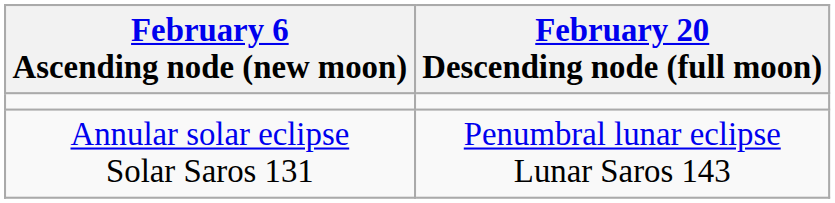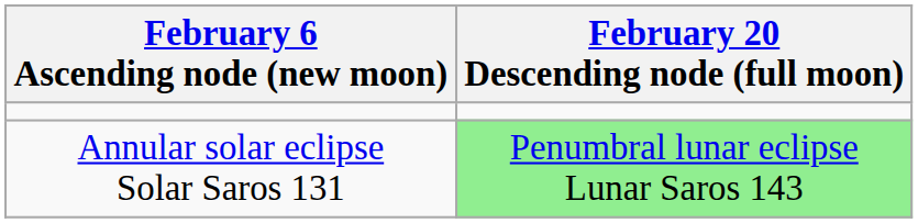 <table class="wikitable">
 <tr>
 <th><a href='#'>February 6</a><br>Ascending node (new moon)<br></th>
 <th><a href='#'>February 20</a><br>Descending node (full moon)<br></th>
 </tr>
 <tr>
 <td></td>
 <td></td>
 </tr>
 <tr align=center>
 <td><a href='#'>Annular solar eclipse</a><br>Solar Saros 131</td>
-<td><a href='#'>Penumbral lunar eclipse</a><br>Lunar Saros 143</td>
+<td style="background: lightgreen;"><a href='#'>Penumbral lunar eclipse</a><br>Lunar Saros 143</td>
 </tr>
 </table>
